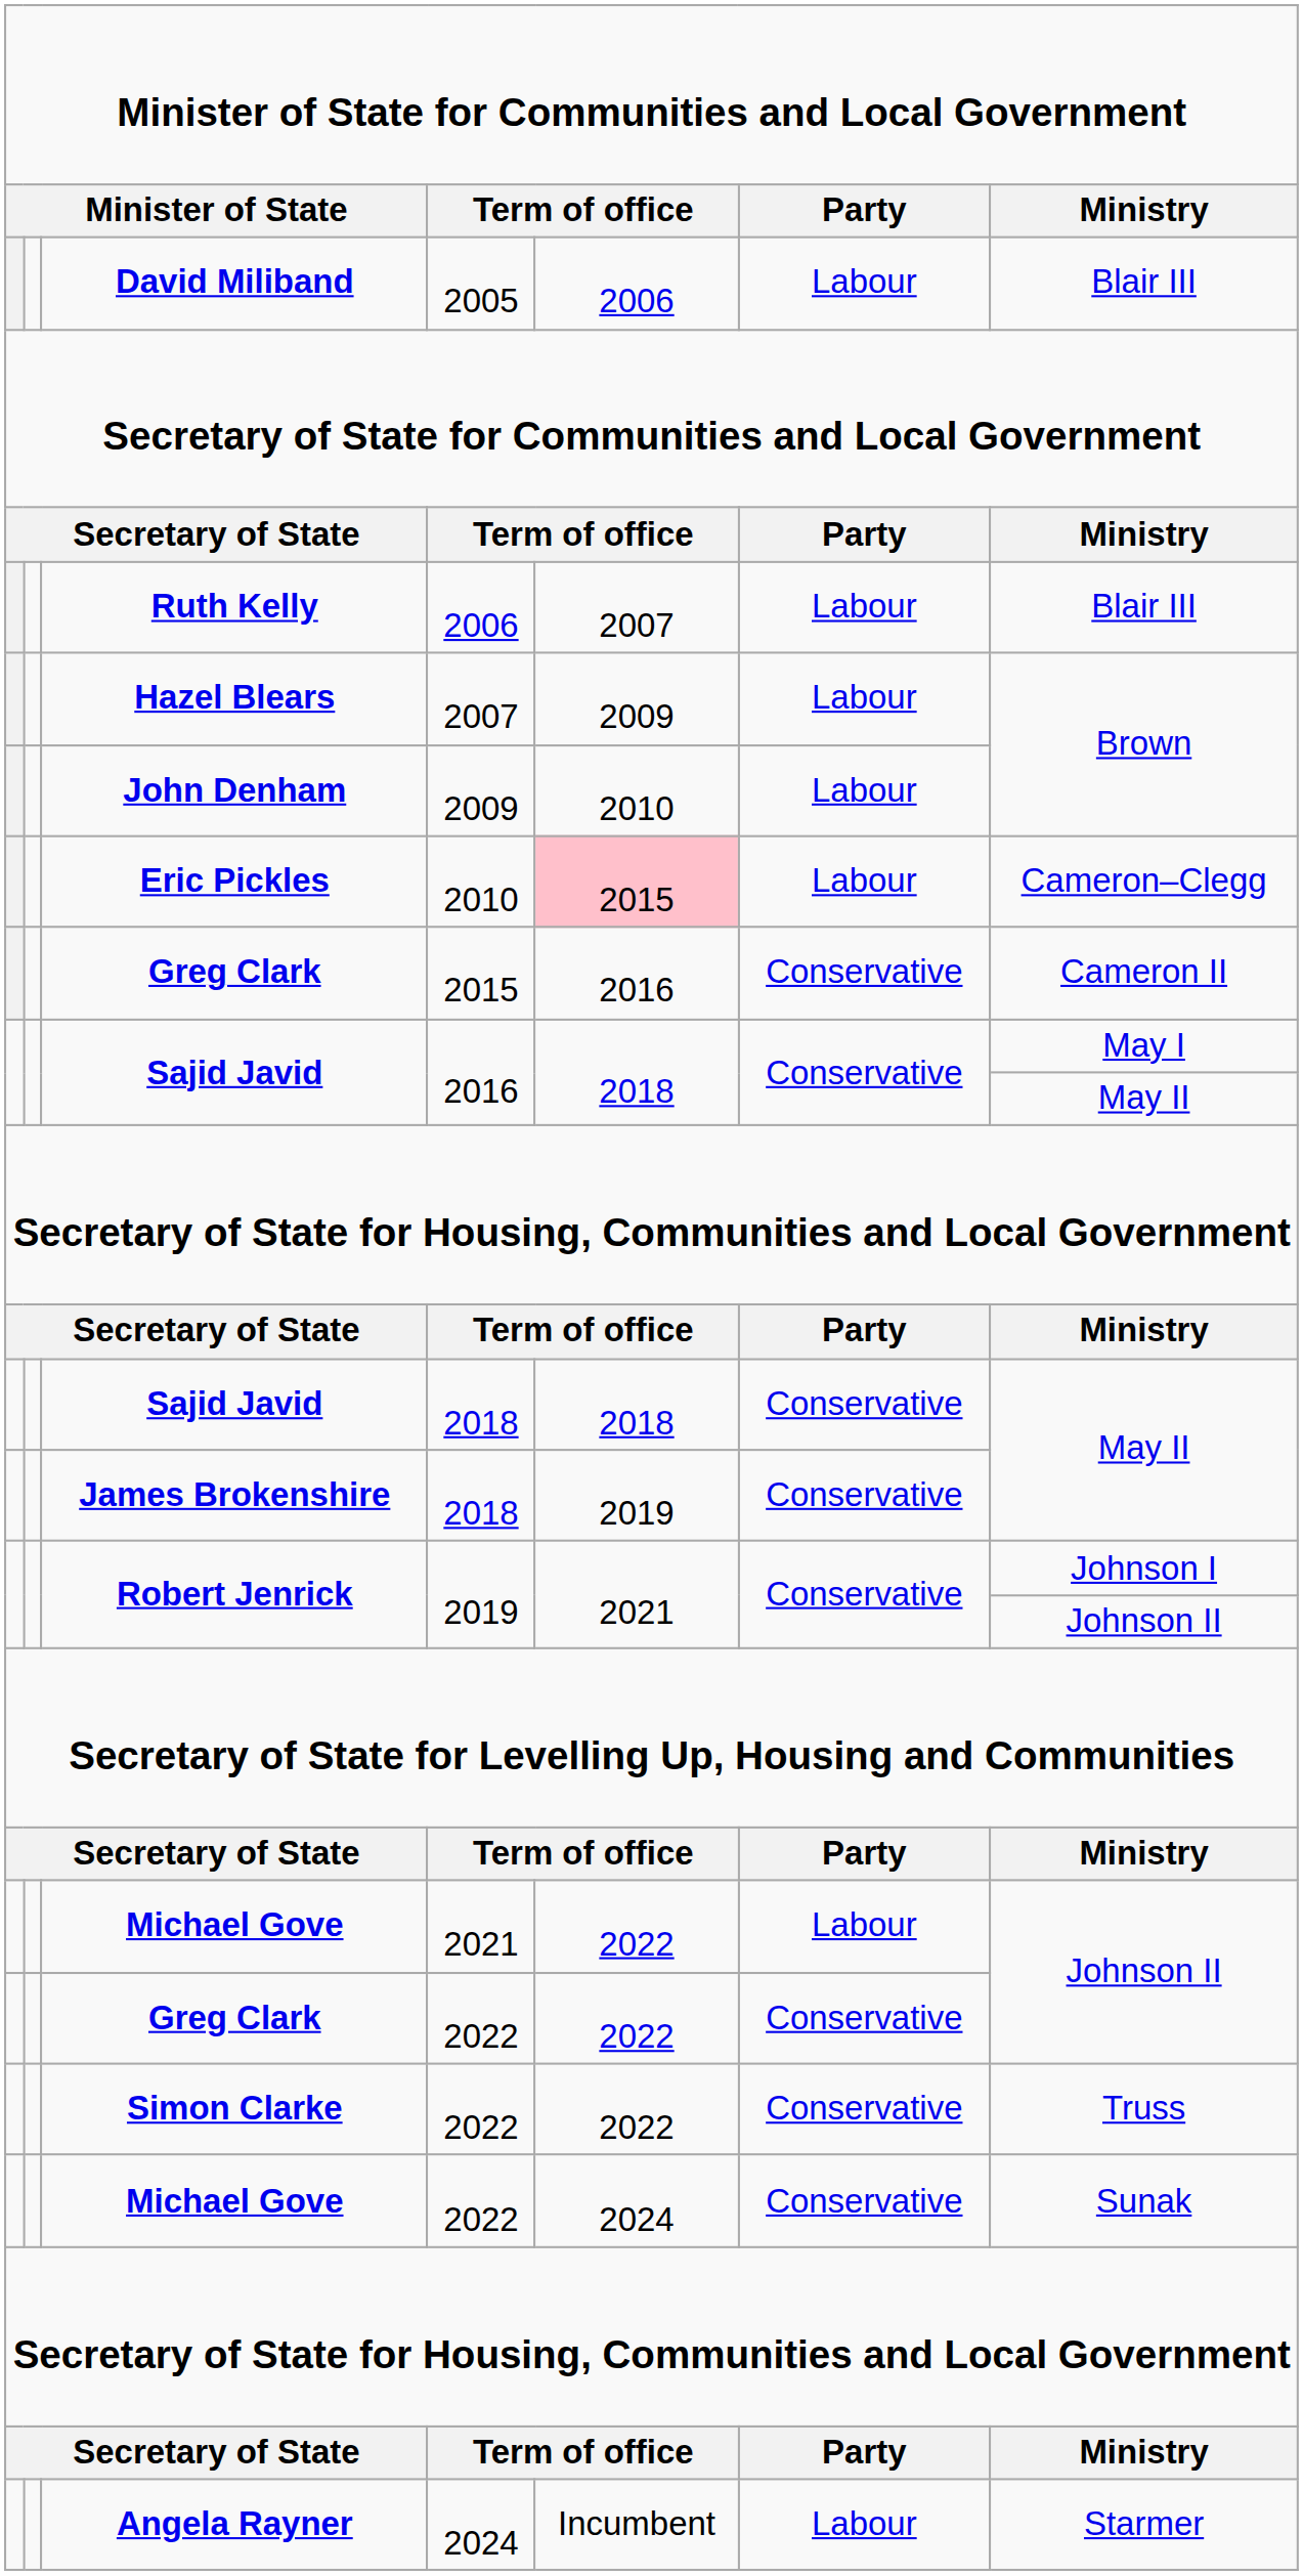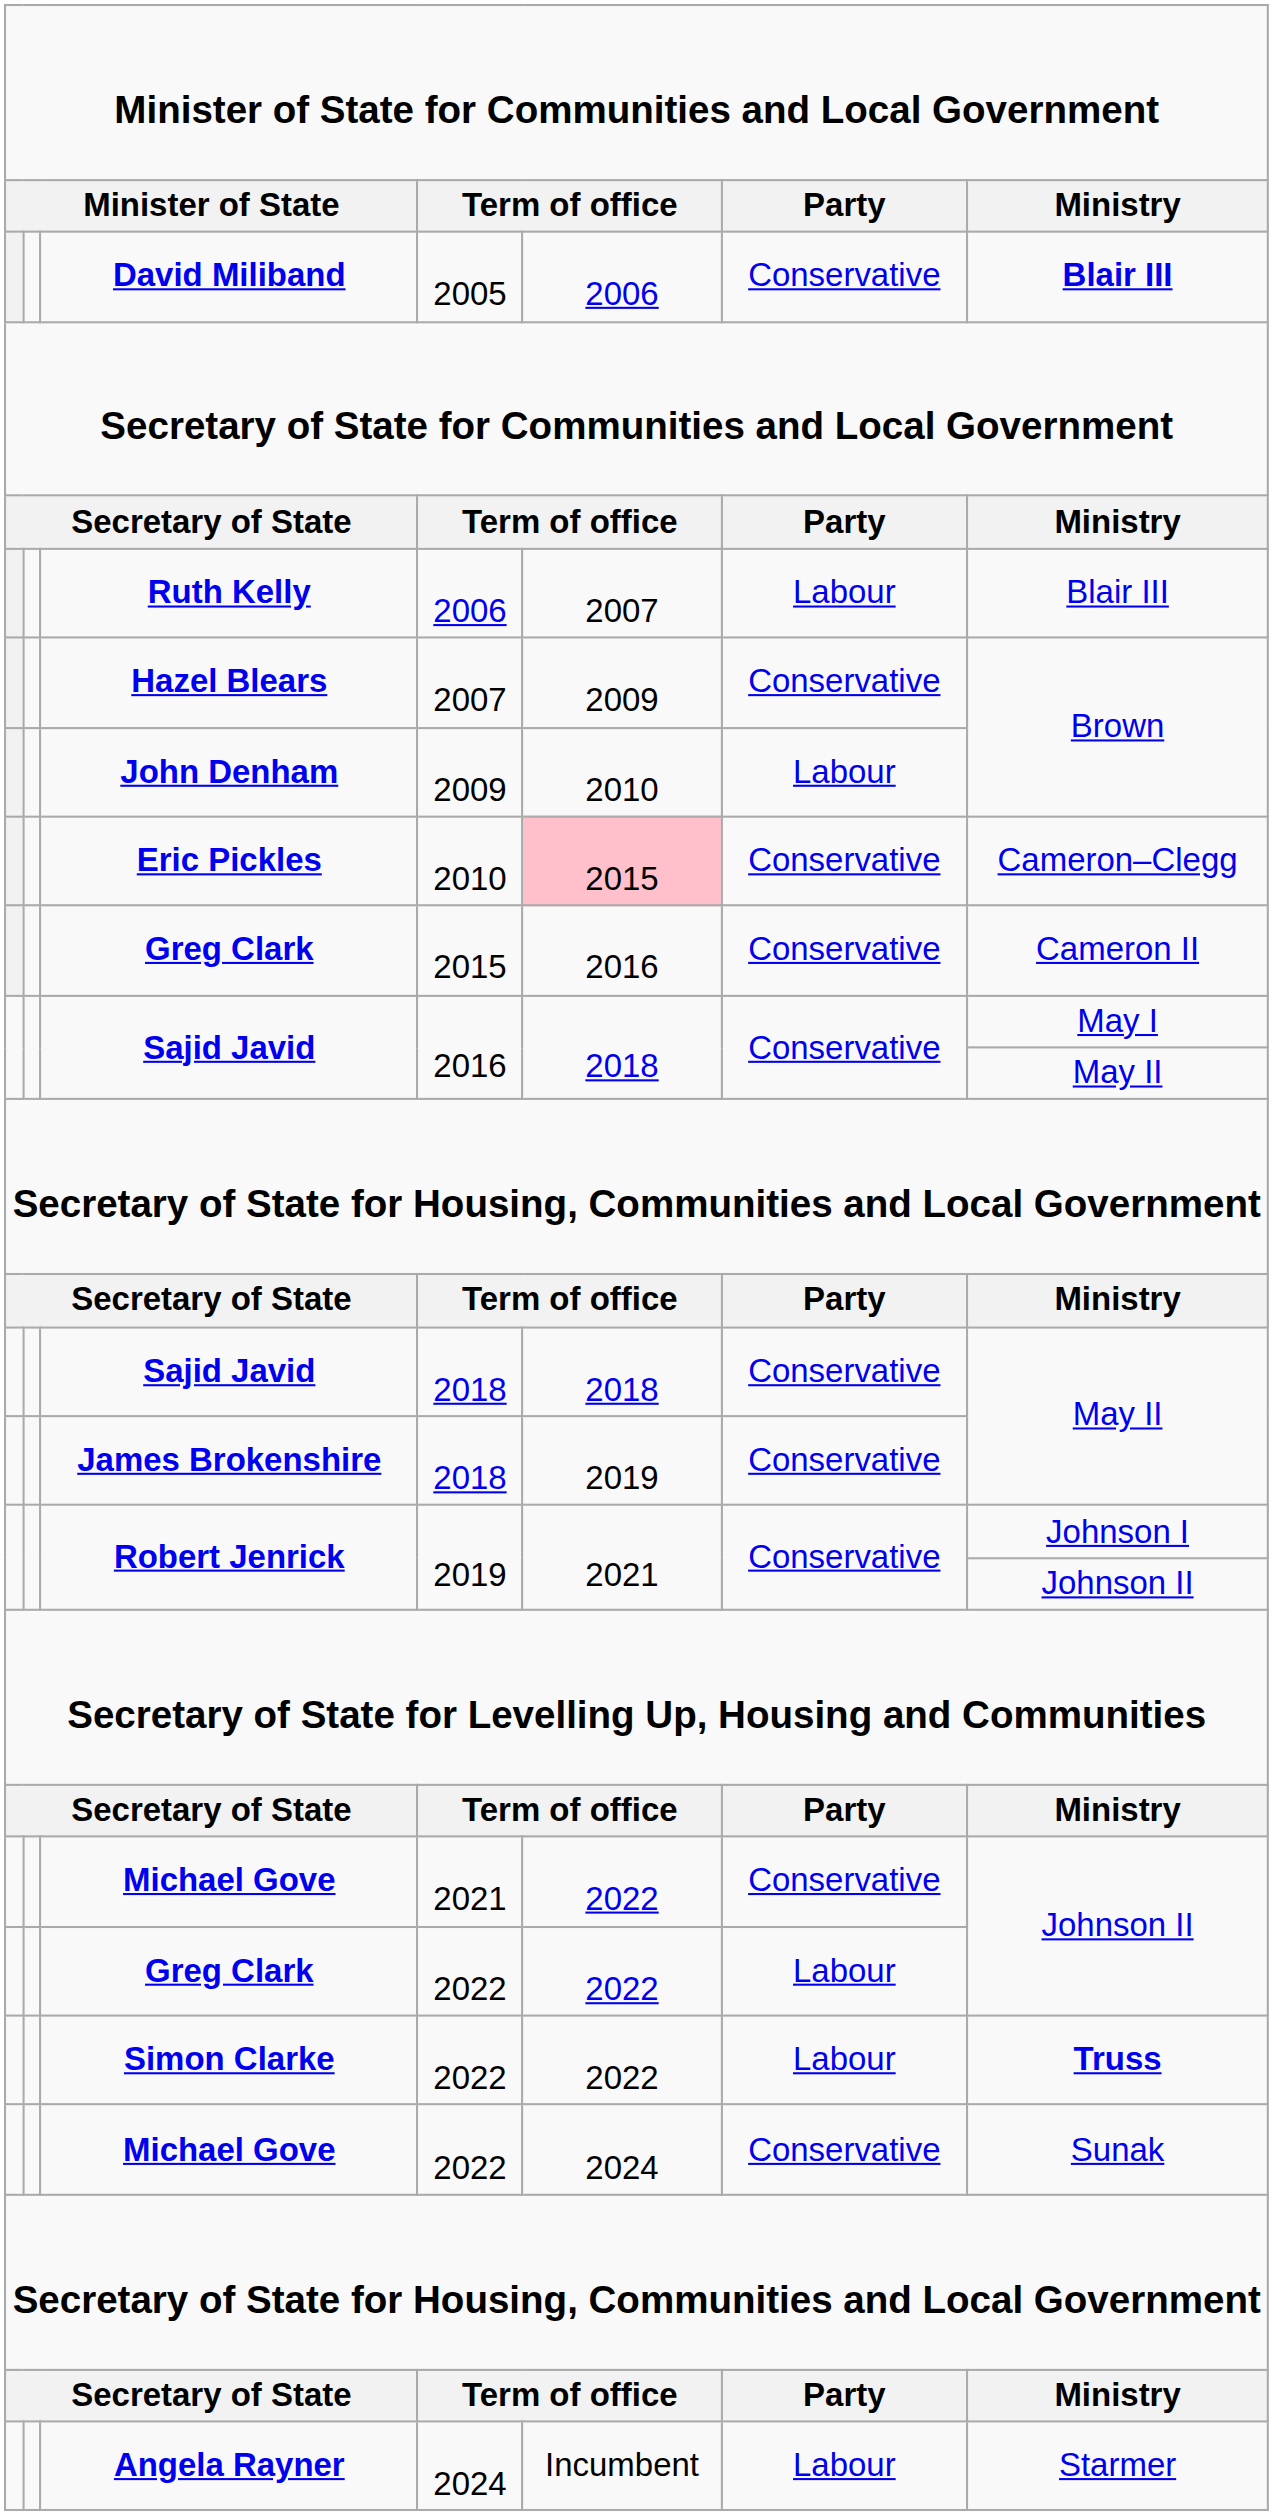 <table class="wikitable" style="text-align:center">
 <tr>
 <td colspan=8><br><h3>Minister of State for Communities and Local Government</h3></td>
 </tr>
 <tr style="height:1em">
 <th colspan=3>Minister of State</th>
 <th colspan=2>Term of office</th>
 <th>Party</th>
 <th>Ministry</th>
 </tr>
 <tr style="height:1em">
 <th style="background-color: "></th>
 <td></td>
 <td><strong><a href='#'>David Miliband</a></strong><br></td>
 <td><br>2005</td>
 <td><a href='#'><br>2006</a></td>
-<td><a href='#'>Labour</a></td>
-<td><a href='#'>Blair III</a></td>
+<td><a href='#'>Conservative</a></td>
+<td><strong><a href='#'>Blair III</a></strong></td>
 </tr>
 <tr style="height:1em">
 <td colspan=8><br><h3>Secretary of State for Communities and Local Government</h3></td>
 </tr>
 <tr style="height:1em">
 <th colspan=3>Secretary of State</th>
 <th colspan=2>Term of office</th>
 <th>Party</th>
 <th>Ministry</th>
 </tr>
 <tr style="height:1em">
 <th style="background-color: "></th>
 <td></td>
 <td><strong><a href='#'>Ruth Kelly</a></strong><br></td>
 <td><a href='#'><br>2006</a></td>
 <td><br>2007</td>
 <td><a href='#'>Labour</a></td>
 <td><a href='#'>Blair III</a></td>
 </tr>
 <tr style="height:1em">
 <th style="background-color: "></th>
 <td></td>
 <td><strong><a href='#'>Hazel Blears</a></strong><br></td>
 <td><br>2007</td>
 <td><br>2009</td>
-<td><a href='#'>Labour</a></td>
+<td><a href='#'>Conservative</a></td>
 <td rowspan=2 ><a href='#'>Brown</a></td>
 </tr>
 <tr style="height:1em">
 <th style="background-color: "></th>
 <td></td>
 <td><strong><a href='#'>John Denham</a></strong><br></td>
 <td><br>2009</td>
 <td><br>2010</td>
 <td><a href='#'>Labour</a></td>
 </tr>
 <tr style="height:1em">
 <th style="background-color: "></th>
 <td></td>
 <td><strong><a href='#'>Eric Pickles</a></strong><br></td>
 <td><br>2010</td>
 <td style="background: pink;"><br>2015</td>
-<td><a href='#'>Labour</a></td>
+<td><a href='#'>Conservative</a></td>
 <td><a href='#'>Cameron–Clegg</a><br></td>
 </tr>
 <tr style="height:1em">
 <th style="background-color: "></th>
 <td></td>
 <td><strong><a href='#'>Greg Clark</a></strong><br></td>
 <td><br>2015</td>
 <td><br>2016</td>
 <td><a href='#'>Conservative</a></td>
 <td><a href='#'>Cameron II</a></td>
 </tr>
 <tr style="height:1em">
 <td rowspan=2 style="background-color: "></td>
 <td rowspan=2></td>
 <td rowspan=2><strong><a href='#'>Sajid Javid</a></strong><br></td>
 <td rowspan=2><br>2016</td>
 <td rowspan=2><a href='#'><br>2018</a></td>
 <td rowspan=2 ><a href='#'>Conservative</a></td>
 <td><a href='#'>May I</a></td>
 </tr>
 <tr style="height:1em">
 <td><a href='#'>May II</a></td>
 </tr>
 <tr style="height:1em">
 <td colspan=8><br><h3>Secretary of State for Housing, Communities and Local Government</h3></td>
 </tr>
 <tr style="height:1em">
 <th colspan=3>Secretary of State</th>
 <th colspan=2>Term of office</th>
 <th>Party</th>
 <th>Ministry</th>
 </tr>
 <tr style="height:1em">
 <td style="background-color: "></td>
 <td></td>
 <td><strong><a href='#'>Sajid Javid</a></strong><br></td>
 <td><a href='#'><br>2018</a></td>
 <td><a href='#'><br>2018</a></td>
 <td><a href='#'>Conservative</a></td>
 <td rowspan="2" ><a href='#'>May II</a></td>
 </tr>
 <tr style="height:1em">
 <td style="background-color: "></td>
 <td></td>
 <td><strong><a href='#'>James Brokenshire</a></strong><br></td>
 <td><a href='#'><br>2018</a></td>
 <td><br>2019</td>
 <td><a href='#'>Conservative</a></td>
 </tr>
 <tr style="height:1em">
 <td rowspan="2" style="background-color: "></td>
 <td rowspan="2"></td>
 <td rowspan="2"><strong><a href='#'>Robert Jenrick</a></strong><br></td>
 <td rowspan="2"><br>2019</td>
 <td rowspan="2"><br>2021</td>
 <td rowspan="2" ><a href='#'>Conservative</a></td>
 <td><a href='#'>Johnson I</a></td>
 </tr>
 <tr style="height:1em">
 <td><a href='#'>Johnson II</a></td>
 </tr>
 <tr style="height:1em">
 <td colspan=8><br><h3>Secretary of State for Levelling Up, Housing and Communities</h3></td>
 </tr>
 <tr style="height:1em">
 <th colspan=3>Secretary of State</th>
 <th colspan=2>Term of office</th>
 <th>Party</th>
 <th>Ministry</th>
 </tr>
 <tr style="height:1em">
 <td style="background-color: "></td>
 <td></td>
 <td><strong><a href='#'>Michael Gove</a></strong><br></td>
 <td><br>2021</td>
 <td><a href='#'><br>2022</a></td>
-<td><a href='#'>Labour</a></td>
+<td><a href='#'>Conservative</a></td>
 <td rowspan="2" ><a href='#'>Johnson II</a></td>
 </tr>
 <tr style="height:1em">
 <td style="background-color: "></td>
 <td></td>
 <td><strong><a href='#'>Greg Clark</a></strong><br></td>
 <td><br>2022</td>
 <td><a href='#'><br>2022</a></td>
-<td><a href='#'>Conservative</a></td>
+<td><a href='#'>Labour</a></td>
 </tr>
 <tr style="height:1em">
 <td style="background-color: "></td>
 <td></td>
 <td><strong><a href='#'>Simon Clarke</a></strong><br></td>
 <td><br>2022</td>
 <td><br>2022</td>
-<td><a href='#'>Conservative</a></td>
-<td><a href='#'>Truss</a></td>
+<td><a href='#'>Labour</a></td>
+<td><strong><a href='#'>Truss</a></strong></td>
 </tr>
 <tr style="height:1em">
 <td style="background-color: "></td>
 <td></td>
 <td><strong><a href='#'>Michael Gove</a></strong><br></td>
 <td><br>2022</td>
 <td><br>2024</td>
 <td><a href='#'>Conservative</a></td>
 <td><a href='#'>Sunak</a></td>
 </tr>
 <tr style="height:1em">
 <td colspan=8><br><h3>Secretary of State for Housing, Communities and Local Government</h3></td>
 </tr>
 <tr style="height:1em">
 <th colspan=3>Secretary of State</th>
 <th colspan=2>Term of office</th>
 <th>Party</th>
 <th>Ministry</th>
 </tr>
 <tr style="height:1em">
 <td style="background-color: "></td>
 <td></td>
 <td><strong><a href='#'>Angela Rayner</a></strong><br></td>
 <td><br>2024</td>
 <td>Incumbent</td>
 <td><a href='#'>Labour</a></td>
 <td><a href='#'>Starmer</a></td>
 </tr>
 </table>
